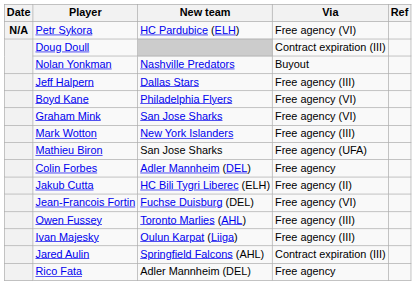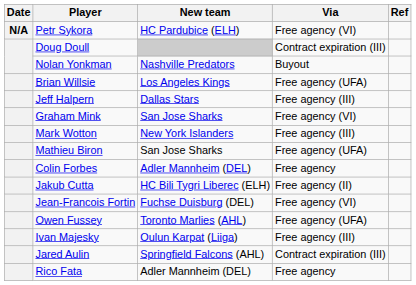 <table class="wikitable plainrowheaders">
 <tr style="background:#ddd; text-align:center;">
 <th>Date</th>
 <th>Player</th>
 <th>New team</th>
 <th>Via</th>
 <th>Ref</th>
 </tr>
 <tr>
 <th scope="row">N/A</th>
 <td><a href='#'>Petr Sykora</a></td>
 <td><a href='#'>HC Pardubice</a> (<a href='#'>ELH</a>)</td>
 <td>Free agency (VI)</td>
 <td></td>
 </tr>
 <tr>
 <th scope="row" rowspan=2></th>
 <td><a href='#'>Doug Doull</a></td>
 <td style="background:#ccc"></td>
 <td>Contract expiration (III)</td>
 <td></td>
 </tr>
 <tr>
 <td><a href='#'>Nolan Yonkman</a></td>
 <td><a href='#'>Nashville Predators</a></td>
 <td>Buyout</td>
 <td></td>
 </tr>
 <tr>
 <th scope="row"></th>
-<td><a href='#'>Jeff Halpern</a></td>
-<td><a href='#'>Dallas Stars</a></td>
-<td>Free agency (III)</td>
+<td><a href='#'>Brian Willsie</a></td>
+<td><a href='#'>Los Angeles Kings</a></td>
+<td>Free agency (UFA)</td>
 <td></td>
 </tr>
 <tr>
 <th scope="row"></th>
-<td><a href='#'>Boyd Kane</a></td>
-<td><a href='#'>Philadelphia Flyers</a></td>
-<td>Free agency (VI)</td>
+<td><a href='#'>Jeff Halpern</a></td>
+<td><a href='#'>Dallas Stars</a></td>
+<td>Free agency (III)</td>
 <td></td>
 </tr>
 <tr>
 <th scope="row"></th>
 <td><a href='#'>Graham Mink</a></td>
 <td><a href='#'>San Jose Sharks</a></td>
 <td>Free agency (VI)</td>
 <td></td>
 </tr>
 <tr>
 <th scope="row"></th>
 <td><a href='#'>Mark Wotton</a></td>
 <td><a href='#'>New York Islanders</a></td>
 <td>Free agency (III)</td>
 <td></td>
 </tr>
 <tr>
 <th scope="row"></th>
 <td><a href='#'>Mathieu Biron</a></td>
 <td>San Jose Sharks</td>
 <td>Free agency (UFA)</td>
 <td></td>
 </tr>
 <tr>
 <th scope="row"></th>
 <td><a href='#'>Colin Forbes</a></td>
 <td><a href='#'>Adler Mannheim</a> (<a href='#'>DEL</a>)</td>
 <td>Free agency</td>
 <td></td>
 </tr>
 <tr>
 <th scope="row"></th>
 <td><a href='#'>Jakub Cutta</a></td>
 <td><a href='#'>HC Bili Tygri Liberec</a> (ELH)</td>
 <td>Free agency (II)</td>
 <td></td>
 </tr>
 <tr>
 <th scope="row"></th>
 <td><a href='#'>Jean-Francois Fortin</a></td>
 <td><a href='#'>Fuchse Duisburg</a> (DEL)</td>
 <td>Free agency (VI)</td>
 <td></td>
 </tr>
 <tr>
 <th scope="row"></th>
 <td><a href='#'>Owen Fussey</a></td>
 <td><a href='#'>Toronto Marlies</a> (<a href='#'>AHL</a>)</td>
-<td>Free agency (III)</td>
+<td>Free agency (UFA)</td>
 <td></td>
 </tr>
 <tr>
 <th scope="row"></th>
 <td><a href='#'>Ivan Majesky</a></td>
 <td><a href='#'>Oulun Karpat</a> (<a href='#'>Liiga</a>)</td>
 <td>Free agency (III)</td>
 <td></td>
 </tr>
 <tr>
 <th scope="row"></th>
 <td><a href='#'>Jared Aulin</a></td>
 <td><a href='#'>Springfield Falcons</a> (AHL)</td>
 <td>Contract expiration (III)</td>
 <td></td>
 </tr>
 <tr>
 <th scope="row"></th>
 <td><a href='#'>Rico Fata</a></td>
 <td>Adler Mannheim (DEL)</td>
 <td>Free agency</td>
 <td></td>
 </tr>
 </table>
